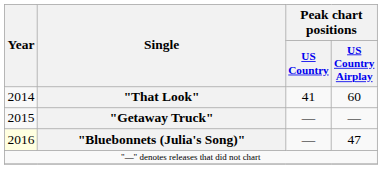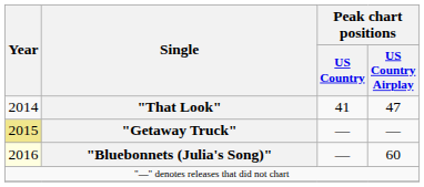 <table class="wikitable plainrowheaders" style="text-align:center;">
 <tr>
 <th rowspan="2">Year</th>
 <th rowspan="2" style="width:18em;">Single</th>
 <th colspan="2">Peak chart<br>positions</th>
 </tr>
 <tr style="font-size:smaller;">
 <th width="45"><a href='#'>US Country</a><br></th>
 <th width="45"><a href='#'>US Country Airplay</a><br></th>
 </tr>
 <tr>
 <td>2014</td>
 <th scope="row">"That Look"</th>
 <td>41</td>
-<td>60</td>
+<td>47</td>
 </tr>
 <tr>
-<td>2015</td>
+<td style="background: khaki;">2015</td>
 <th scope="row">"Getaway Truck"</th>
 <td>—</td>
 <td>—</td>
 </tr>
 <tr>
 <td style="background: lightyellow;">2016</td>
 <th scope="row">"Bluebonnets (Julia's Song)"</th>
 <td>—</td>
-<td>47</td>
+<td>60</td>
 </tr>
 <tr>
 <td colspan="5" style="font-size:8pt">"—" denotes releases that did not chart</td>
 </tr>
 <tr>
 </tr>
 </table>
